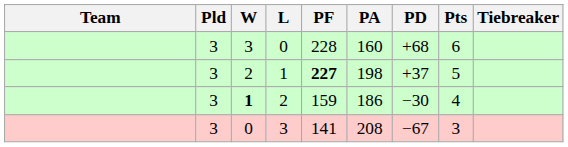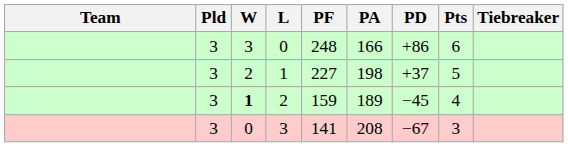 <table class="wikitable" style="text-align:center;">
 <tr>
 <th width=170>Team</th>
 <th width=25>Pld</th>
 <th width=25>W</th>
 <th width=25>L</th>
 <th width=35>PF</th>
 <th width=35>PA</th>
 <th width=35>PD</th>
 <th width=25>Pts</th>
 <th width=50>Tiebreaker</th>
 </tr>
 <tr bgcolor=ccffcc>
 <td align="left"></td>
 <td>3</td>
 <td>3</td>
 <td>0</td>
-<td>228</td>
-<td>160</td>
-<td>+68</td>
+<td>248</td>
+<td>166</td>
+<td>+86</td>
 <td>6</td>
 <td></td>
 </tr>
 <tr bgcolor=ccffcc>
 <td align="left"></td>
 <td>3</td>
 <td>2</td>
 <td>1</td>
-<td><strong>227</strong></td>
+<td>227</td>
 <td>198</td>
 <td>+37</td>
 <td>5</td>
 <td></td>
 </tr>
 <tr bgcolor=ccffcc>
 <td align="left"></td>
 <td>3</td>
 <td><strong>1</strong></td>
 <td>2</td>
 <td>159</td>
-<td>186</td>
-<td>−30</td>
+<td>189</td>
+<td>−45</td>
 <td>4</td>
 <td></td>
 </tr>
 <tr bgcolor=ffcccc>
 <td align="left"></td>
 <td>3</td>
 <td>0</td>
 <td>3</td>
 <td>141</td>
 <td>208</td>
 <td>−67</td>
 <td>3</td>
 <td></td>
 </tr>
 </table>
